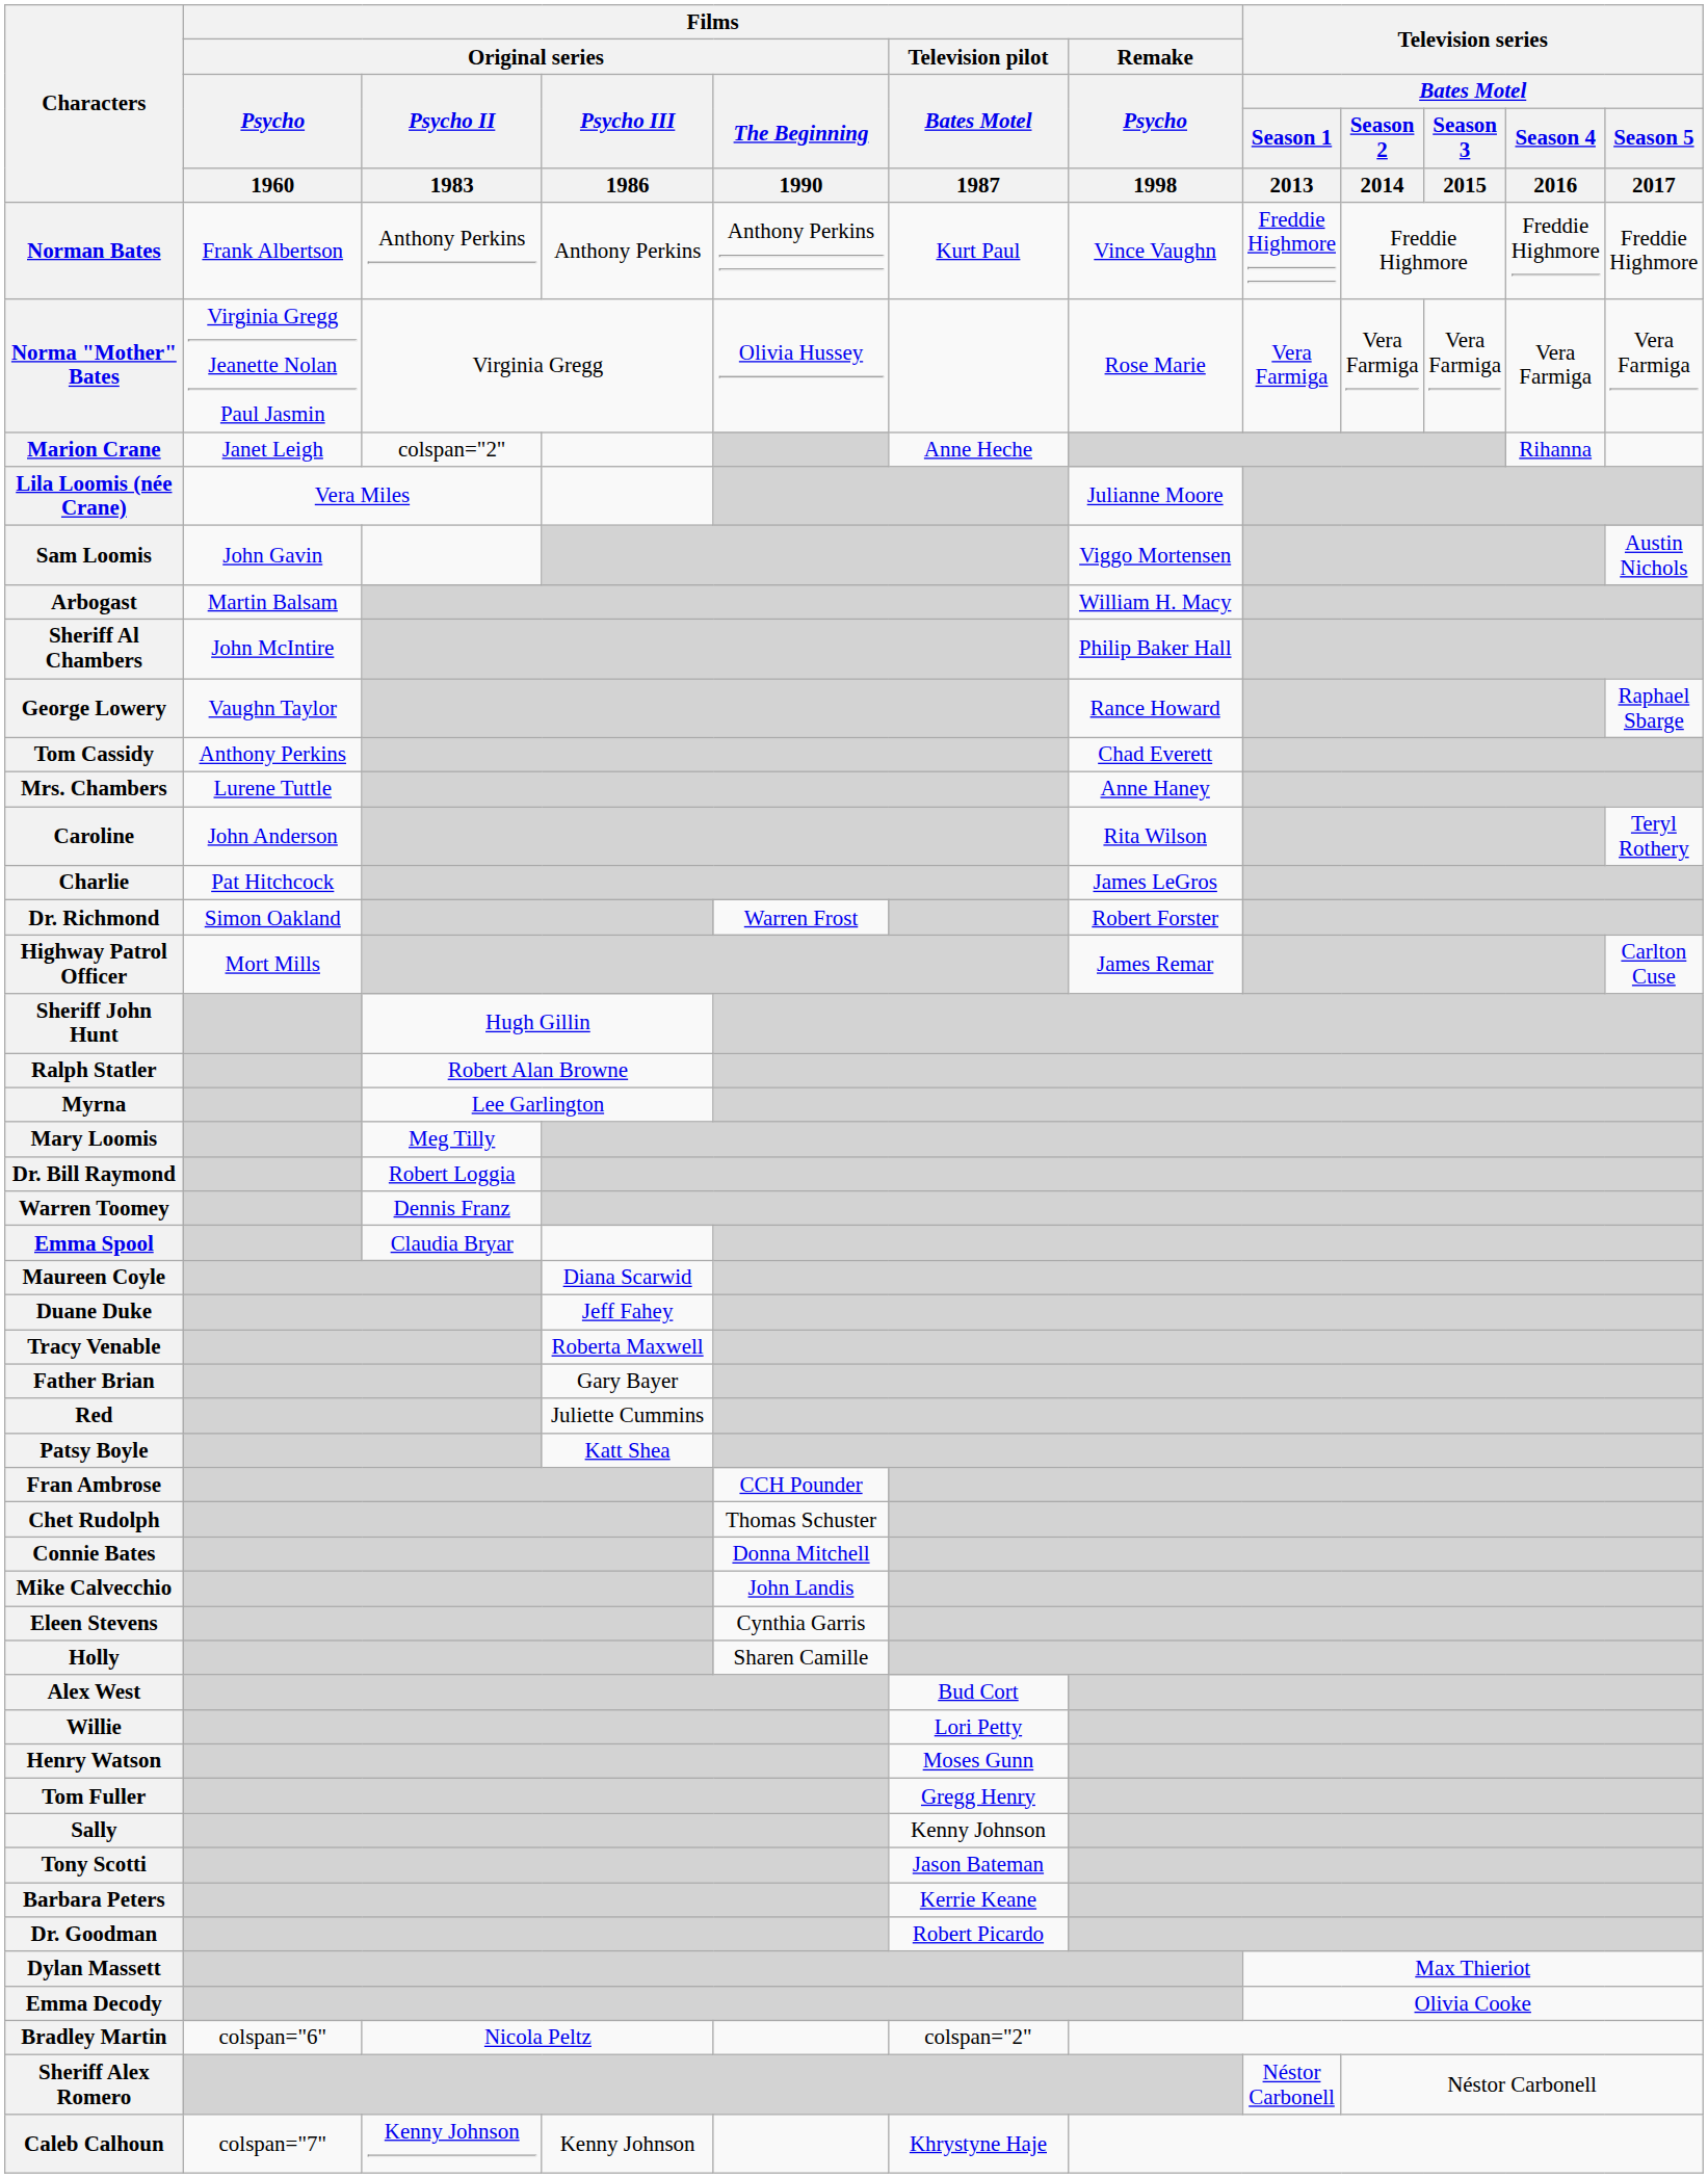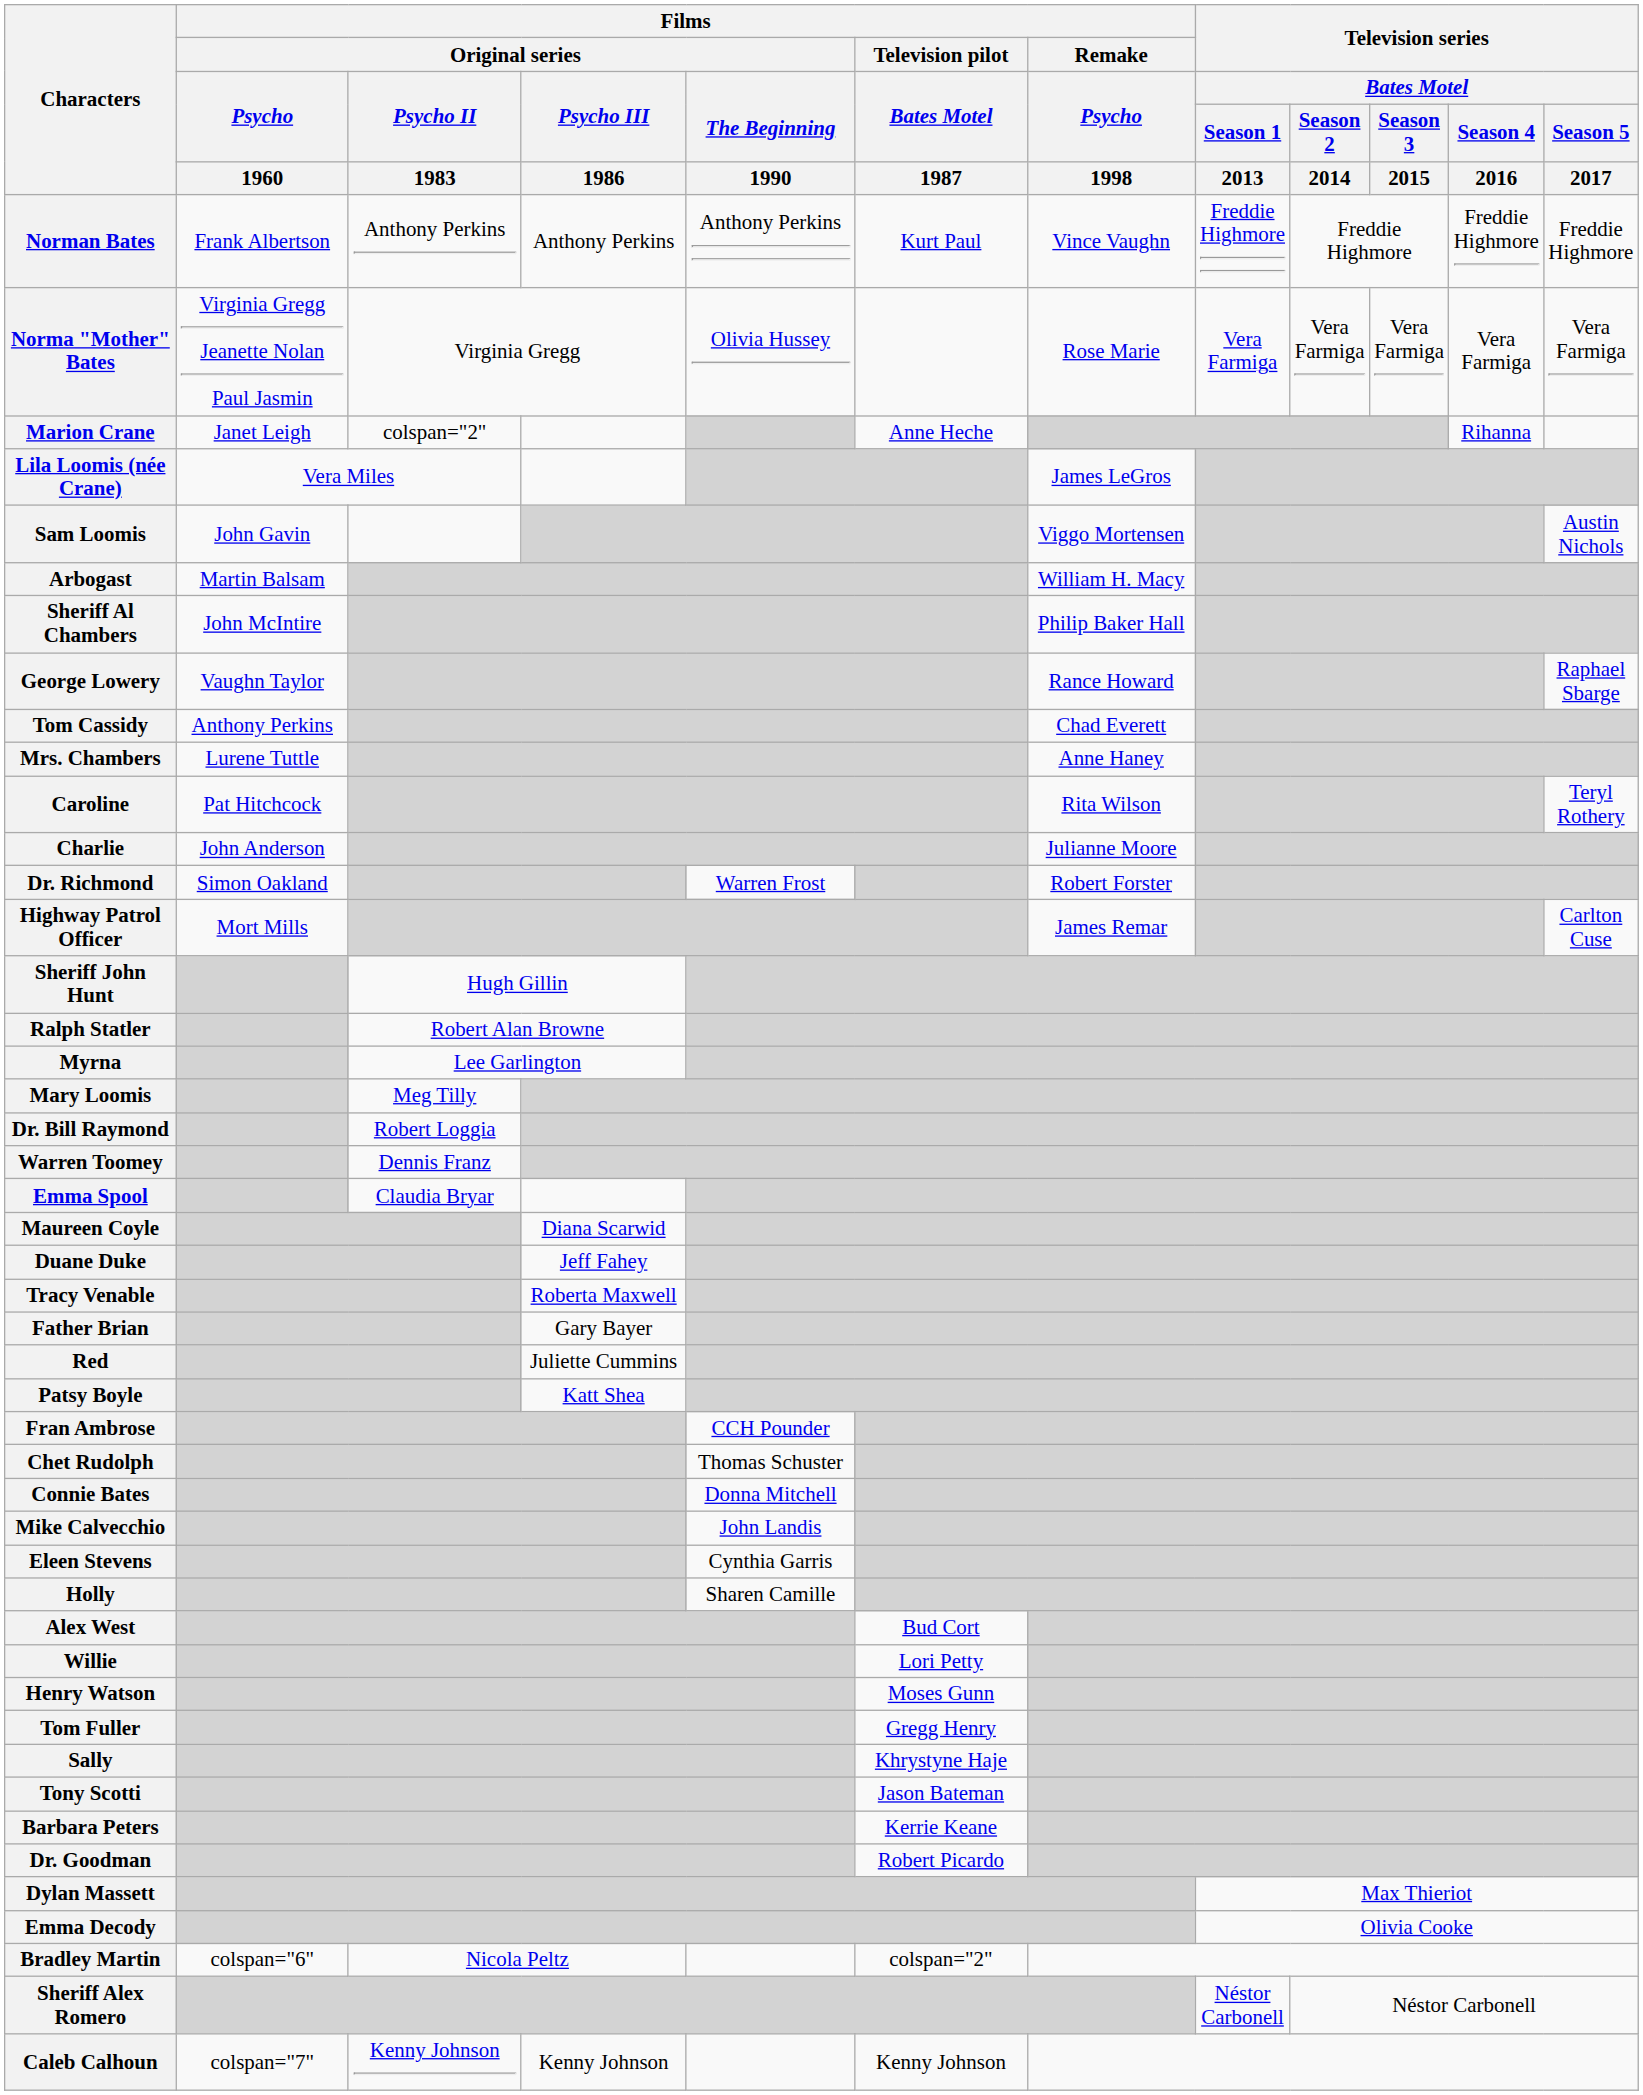 <table class="wikitable" style="text-align:center">
 <tr>
 <th rowspan="5" width="12.2857142857%">Characters</th>
 <th colspan="6">Films</th>
 <th rowspan="2" colspan="5">Television series</th>
 </tr>
 <tr>
 <th colspan="4">Original series</th>
 <th>Television pilot</th>
 <th>Remake</th>
 </tr>
 <tr>
 <th rowspan="2" align="center" width="12.2857142857%"><em><a href='#'>Psycho</a></em></th>
 <th rowspan="2" align="center" width="12.2857142857%"><em><a href='#'>Psycho II</a></em></th>
 <th rowspan="2" align="center" width="12.2857142857%"><em><a href='#'>Psycho III</a></em></th>
 <th rowspan="2" align="center" width="12.2857142857%"><em><a href='#'><br>The Beginning</a></em></th>
 <th rowspan="2" align="center" width="12.2857142857%"><em><a href='#'>Bates Motel</a></em></th>
 <th rowspan="2" align="center" width="12.2857142857%"><em><a href='#'>Psycho</a></em></th>
 <th colspan="5" align="center" width="12.2857142857%"><em><a href='#'>Bates Motel</a></em></th>
 </tr>
 <tr>
 <th><a href='#'>Season 1</a></th>
 <th><a href='#'>Season 2</a></th>
 <th><a href='#'>Season 3</a></th>
 <th><a href='#'>Season 4</a></th>
 <th><a href='#'>Season 5</a></th>
 </tr>
 <tr>
 <th>1960</th>
 <th>1983</th>
 <th>1986</th>
 <th>1990</th>
 <th>1987</th>
 <th>1998</th>
 <th>2013</th>
 <th>2014</th>
 <th>2015</th>
 <th>2016</th>
 <th>2017</th>
 </tr>
 <tr>
 <th><a href='#'>Norman Bates</a></th>
 <td><a href='#'>Frank Albertson</a></td>
 <td>Anthony Perkins<hr></td>
 <td>Anthony Perkins</td>
 <td>Anthony Perkins<hr><hr></td>
 <td><a href='#'>Kurt Paul</a></td>
 <td><a href='#'>Vince Vaughn</a></td>
 <td><a href='#'>Freddie Highmore</a><hr><hr></td>
 <td colspan="2">Freddie Highmore</td>
 <td>Freddie Highmore<hr></td>
 <td>Freddie Highmore</td>
 </tr>
 <tr>
 <th><a href='#'>Norma "Mother" Bates</a></th>
 <td><a href='#'>Virginia Gregg</a><hr><a href='#'>Jeanette Nolan</a><hr><a href='#'>Paul Jasmin</a></td>
 <td colspan="2">Virginia Gregg</td>
 <td><a href='#'>Olivia Hussey</a><hr></td>
 <td></td>
 <td><a href='#'>Rose Marie</a></td>
 <td><a href='#'>Vera Farmiga</a></td>
 <td>Vera Farmiga<hr></td>
 <td>Vera Farmiga<hr></td>
 <td>Vera Farmiga</td>
 <td>Vera Farmiga<hr></td>
 </tr>
 <tr>
 <th><a href='#'>Marion Crane</a></th>
 <td><a href='#'>Janet Leigh</a></td>
 <td>colspan="2" </td>
 <td></td>
 <td style="background-color:lightgrey;"></td>
 <td><a href='#'>Anne Heche</a></td>
 <td colspan="4" style="background-color:lightgrey;"></td>
 <td><a href='#'>Rihanna</a></td>
 </tr>
 <tr>
 <th><a href='#'>Lila Loomis (née Crane)</a></th>
 <td colspan="2"><a href='#'>Vera Miles</a></td>
 <td></td>
 <td colspan="2" style="background-color:lightgrey;"></td>
-<td><a href='#'>Julianne Moore</a></td>
+<td><a href='#'>James LeGros</a></td>
 <td colspan="5" style="background-color:lightgrey;"></td>
 </tr>
 <tr>
 <th>Sam Loomis</th>
 <td><a href='#'>John Gavin</a></td>
 <td></td>
 <td colspan="3" style="background-color:lightgrey;"></td>
 <td><a href='#'>Viggo Mortensen</a></td>
 <td colspan="4" style="background-color:lightgrey;"></td>
 <td><a href='#'>Austin Nichols</a></td>
 </tr>
 <tr>
 <th>Arbogast</th>
 <td><a href='#'>Martin Balsam</a></td>
 <td colspan="4" style="background-color:lightgrey;"></td>
 <td><a href='#'>William H. Macy</a></td>
 <td colspan="5" style="background-color:lightgrey;"></td>
 </tr>
 <tr>
 <th>Sheriff Al Chambers</th>
 <td><a href='#'>John McIntire</a></td>
 <td colspan="4" style="background-color:lightgrey;"></td>
 <td><a href='#'>Philip Baker Hall</a></td>
 <td colspan="5" style="background-color:lightgrey;"></td>
 </tr>
 <tr>
 <th>George Lowery</th>
 <td><a href='#'>Vaughn Taylor</a></td>
 <td colspan="4" style="background-color:lightgrey;"></td>
 <td><a href='#'>Rance Howard</a></td>
 <td colspan="4" style="background-color:lightgrey;"></td>
 <td><a href='#'>Raphael Sbarge</a></td>
 </tr>
 <tr>
 <th>Tom Cassidy</th>
 <td><a href='#'>Anthony Perkins</a></td>
 <td colspan="4" style="background-color:lightgrey;"></td>
 <td><a href='#'>Chad Everett</a></td>
 <td colspan="5" style="background-color:lightgrey;"></td>
 </tr>
 <tr>
 <th>Mrs. Chambers</th>
 <td><a href='#'>Lurene Tuttle</a></td>
 <td colspan="4" style="background-color:lightgrey;"></td>
 <td><a href='#'>Anne Haney</a></td>
 <td colspan="5" style="background-color:lightgrey;"></td>
 </tr>
 <tr>
 <th>Caroline</th>
-<td><a href='#'>John Anderson</a></td>
+<td><a href='#'>Pat Hitchcock</a></td>
 <td colspan="4" style="background-color:lightgrey;"></td>
 <td><a href='#'>Rita Wilson</a></td>
 <td colspan="4" style="background-color:lightgrey;"></td>
 <td><a href='#'>Teryl Rothery</a></td>
 </tr>
 <tr>
 <th>Charlie</th>
-<td><a href='#'>Pat Hitchcock</a></td>
+<td><a href='#'>John Anderson</a></td>
 <td colspan="4" style="background-color:lightgrey;"></td>
-<td><a href='#'>James LeGros</a></td>
+<td><a href='#'>Julianne Moore</a></td>
 <td colspan="5" style="background-color:lightgrey;"></td>
 </tr>
 <tr>
 <th>Dr. Richmond</th>
 <td><a href='#'>Simon Oakland</a></td>
 <td colspan="2" style="background-color:lightgrey;"></td>
 <td><a href='#'>Warren Frost</a></td>
 <td style="background-color:lightgrey;"></td>
 <td><a href='#'>Robert Forster</a></td>
 <td colspan="5" style="background-color:lightgrey;"></td>
 </tr>
 <tr>
 <th>Highway Patrol Officer</th>
 <td><a href='#'>Mort Mills</a></td>
 <td colspan="4" style="background-color:lightgrey;"></td>
 <td><a href='#'>James Remar</a></td>
 <td colspan="4" style="background-color:lightgrey;"></td>
 <td><a href='#'>Carlton Cuse</a></td>
 </tr>
 <tr>
 <th>Sheriff John Hunt</th>
 <td style="background-color:lightgrey;"></td>
 <td colspan="2"><a href='#'>Hugh Gillin</a></td>
 <td colspan="8" style="background-color:lightgrey;"></td>
 </tr>
 <tr>
 <th>Ralph Statler</th>
 <td style="background-color:lightgrey;"></td>
 <td colspan="2"><a href='#'>Robert Alan Browne</a></td>
 <td colspan="8" style="background-color:lightgrey;"></td>
 </tr>
 <tr>
 <th>Myrna</th>
 <td style="background-color:lightgrey;"></td>
 <td colspan="2"><a href='#'>Lee Garlington</a></td>
 <td colspan="8" style="background-color:lightgrey;"></td>
 </tr>
 <tr>
 <th>Mary Loomis</th>
 <td style="background-color:lightgrey;"></td>
 <td><a href='#'>Meg Tilly</a></td>
 <td colspan="9" style="background-color:lightgrey;"></td>
 </tr>
 <tr>
 <th>Dr. Bill Raymond</th>
 <td style="background-color:lightgrey;"></td>
 <td><a href='#'>Robert Loggia</a></td>
 <td colspan="9" style="background-color:lightgrey;"></td>
 </tr>
 <tr>
 <th>Warren Toomey</th>
 <td style="background-color:lightgrey;"></td>
 <td><a href='#'>Dennis Franz</a></td>
 <td colspan="9" style="background-color:lightgrey;"></td>
 </tr>
 <tr>
 <th><a href='#'>Emma Spool</a></th>
 <td style="background-color:lightgrey;"></td>
 <td><a href='#'>Claudia Bryar</a></td>
 <td></td>
 <td colspan="8" style="background-color:lightgrey;"></td>
 </tr>
 <tr>
 <th>Maureen Coyle</th>
 <td colspan="2" style="background-color:lightgrey;"></td>
 <td><a href='#'>Diana Scarwid</a></td>
 <td colspan="8" style="background-color:lightgrey;"></td>
 </tr>
 <tr>
 <th>Duane Duke</th>
 <td colspan="2" style="background-color:lightgrey;"></td>
 <td><a href='#'>Jeff Fahey</a></td>
 <td colspan="8" style="background-color:lightgrey;"></td>
 </tr>
 <tr>
 <th>Tracy Venable</th>
 <td colspan="2" style="background-color:lightgrey;"></td>
 <td><a href='#'>Roberta Maxwell</a></td>
 <td colspan="8" style="background-color:lightgrey;"></td>
 </tr>
 <tr>
 <th>Father Brian</th>
 <td colspan="2" style="background-color:lightgrey;"></td>
 <td>Gary Bayer</td>
 <td colspan="8" style="background-color:lightgrey;"></td>
 </tr>
 <tr>
 <th>Red</th>
 <td colspan="2" style="background-color:lightgrey;"></td>
 <td>Juliette Cummins</td>
 <td colspan="8" style="background-color:lightgrey;"></td>
 </tr>
 <tr>
 <th>Patsy Boyle</th>
 <td colspan="2" style="background-color:lightgrey;"></td>
 <td><a href='#'>Katt Shea</a></td>
 <td colspan="8" style="background-color:lightgrey;"></td>
 </tr>
 <tr>
 <th>Fran Ambrose</th>
 <td colspan="3" style="background-color:lightgrey;"></td>
 <td><a href='#'>CCH Pounder</a></td>
 <td colspan="8" style="background-color:lightgrey;"></td>
 </tr>
 <tr>
 <th>Chet Rudolph</th>
 <td colspan="3" style="background-color:lightgrey;"></td>
 <td>Thomas Schuster</td>
 <td colspan="8" style="background-color:lightgrey;"></td>
 </tr>
 <tr>
 <th>Connie Bates</th>
 <td colspan="3" style="background-color:lightgrey;"></td>
 <td><a href='#'>Donna Mitchell</a></td>
 <td colspan="8" style="background-color:lightgrey;"></td>
 </tr>
 <tr>
 <th>Mike Calvecchio</th>
 <td colspan="3" style="background-color:lightgrey;"></td>
 <td><a href='#'>John Landis</a></td>
 <td colspan="8" style="background-color:lightgrey;"></td>
 </tr>
 <tr>
 <th>Eleen Stevens</th>
 <td colspan="3" style="background-color:lightgrey;"></td>
 <td>Cynthia Garris</td>
 <td colspan="8" style="background-color:lightgrey;"></td>
 </tr>
 <tr>
 <th>Holly</th>
 <td colspan="3" style="background-color:lightgrey;"></td>
 <td>Sharen Camille</td>
 <td colspan="8" style="background-color:lightgrey;"></td>
 </tr>
 <tr>
 <th>Alex West</th>
 <td colspan="4" style="background-color:lightgrey;"></td>
 <td><a href='#'>Bud Cort</a></td>
 <td colspan="7" style="background-color:lightgrey;"></td>
 </tr>
 <tr>
 <th>Willie</th>
 <td colspan="4" style="background-color:lightgrey;"></td>
 <td><a href='#'>Lori Petty</a></td>
 <td colspan="7" style="background-color:lightgrey;"></td>
 </tr>
 <tr>
 <th>Henry Watson</th>
 <td colspan="4" style="background-color:lightgrey;"></td>
 <td><a href='#'>Moses Gunn</a></td>
 <td colspan="7" style="background-color:lightgrey;"></td>
 </tr>
 <tr>
 <th>Tom Fuller</th>
 <td colspan="4" style="background-color:lightgrey;"></td>
 <td><a href='#'>Gregg Henry</a></td>
 <td colspan="7" style="background-color:lightgrey;"></td>
 </tr>
 <tr>
 <th>Sally</th>
 <td colspan="4" style="background-color:lightgrey;"></td>
-<td>Kenny Johnson</td>
+<td><a href='#'>Khrystyne Haje</a></td>
 <td colspan="7" style="background-color:lightgrey;"></td>
 </tr>
 <tr>
 <th>Tony Scotti</th>
 <td colspan="4" style="background-color:lightgrey;"></td>
 <td><a href='#'>Jason Bateman</a></td>
 <td colspan="7" style="background-color:lightgrey;"></td>
 </tr>
 <tr>
 <th>Barbara Peters</th>
 <td colspan="4" style="background-color:lightgrey;"></td>
 <td><a href='#'>Kerrie Keane</a></td>
 <td colspan="7" style="background-color:lightgrey;"></td>
 </tr>
 <tr>
 <th>Dr. Goodman</th>
 <td colspan="4" style="background-color:lightgrey;"></td>
 <td><a href='#'>Robert Picardo</a></td>
 <td colspan="7" style="background-color:lightgrey;"></td>
 </tr>
 <tr>
 <th>Dylan Massett</th>
 <td colspan="6" style="background-color:lightgrey;"></td>
 <td colspan="5"><a href='#'>Max Thieriot</a></td>
 </tr>
 <tr>
 <th>Emma Decody</th>
 <td colspan="6" style="background-color:lightgrey;"></td>
 <td colspan="5"><a href='#'>Olivia Cooke</a></td>
 </tr>
 <tr>
 <th>Bradley Martin</th>
 <td>colspan="6" </td>
 <td colspan="2"><a href='#'>Nicola Peltz</a></td>
 <td></td>
 <td>colspan="2" </td>
 </tr>
 <tr>
 <th>Sheriff Alex Romero</th>
 <td colspan="6" style="background-color:lightgrey;"></td>
 <td><a href='#'>Néstor Carbonell</a></td>
 <td colspan="4">Néstor Carbonell</td>
 </tr>
 <tr>
 <th>Caleb Calhoun</th>
 <td>colspan="7" </td>
 <td><a href='#'>Kenny Johnson</a><hr></td>
 <td>Kenny Johnson</td>
 <td></td>
-<td><a href='#'>Khrystyne Haje</a></td>
+<td>Kenny Johnson</td>
 </tr>
 </table>
